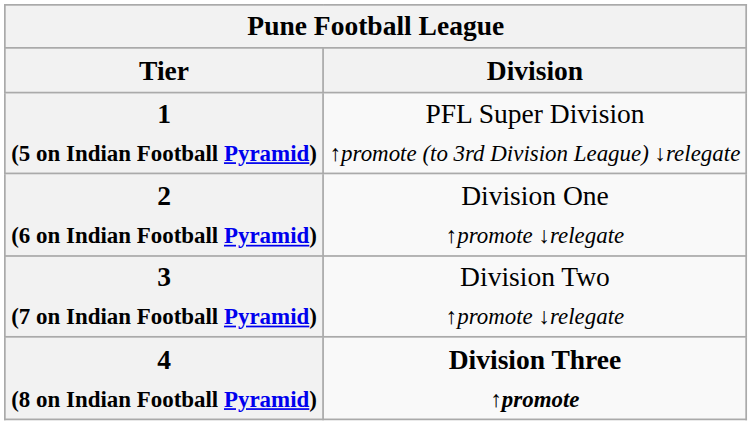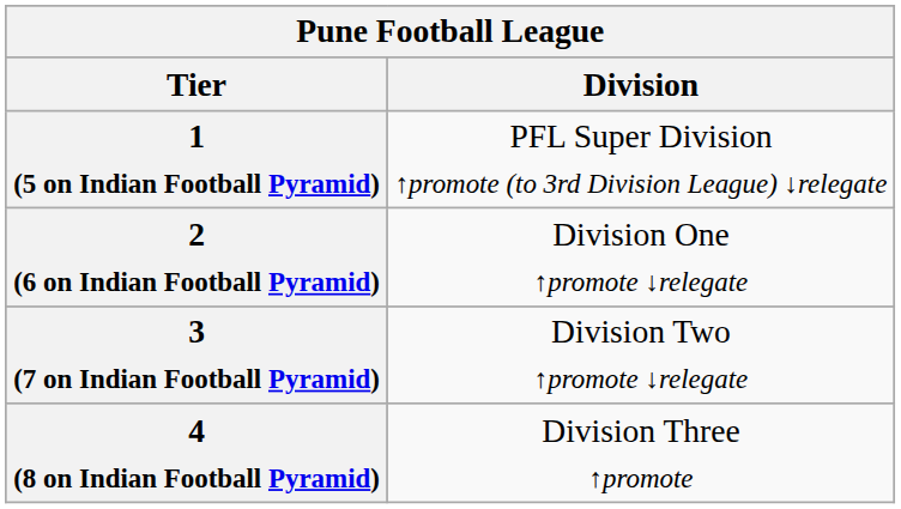 <table class="wikitable" style="text-align:center;">
 <tr>
 <th colspan="2">Pune Football League</th>
 </tr>
 <tr>
 <th>Tier</th>
 <th>Division</th>
 </tr>
 <tr>
 <th>1<br><sub>(5 on Indian Football <a href='#'>Pyramid</a>)</sub></th>
 <td>PFL Super Division<br><em><sub>↑promote (to 3rd Division League) ↓relegate</sub></em></td>
 </tr>
 <tr>
 <th>2<br><sub>(6 on Indian Football <a href='#'>Pyramid</a>)</sub></th>
 <td>Division One<br><em><sub>↑promote ↓relegate</sub></em></td>
 </tr>
 <tr>
 <th>3<br><sub>(7 on Indian Football <a href='#'>Pyramid</a>)</sub></th>
 <td>Division Two<br><em><sub>↑promote ↓relegate</sub></em></td>
 </tr>
 <tr>
 <th>4<br><sub>(8 on Indian Football <a href='#'>Pyramid</a>)</sub></th>
-<td><strong>Division Three<br><em><sub>↑promote</sub></em></strong></td>
+<td>Division Three<br><em><sub>↑promote</sub></em></td>
 </tr>
 </table>
